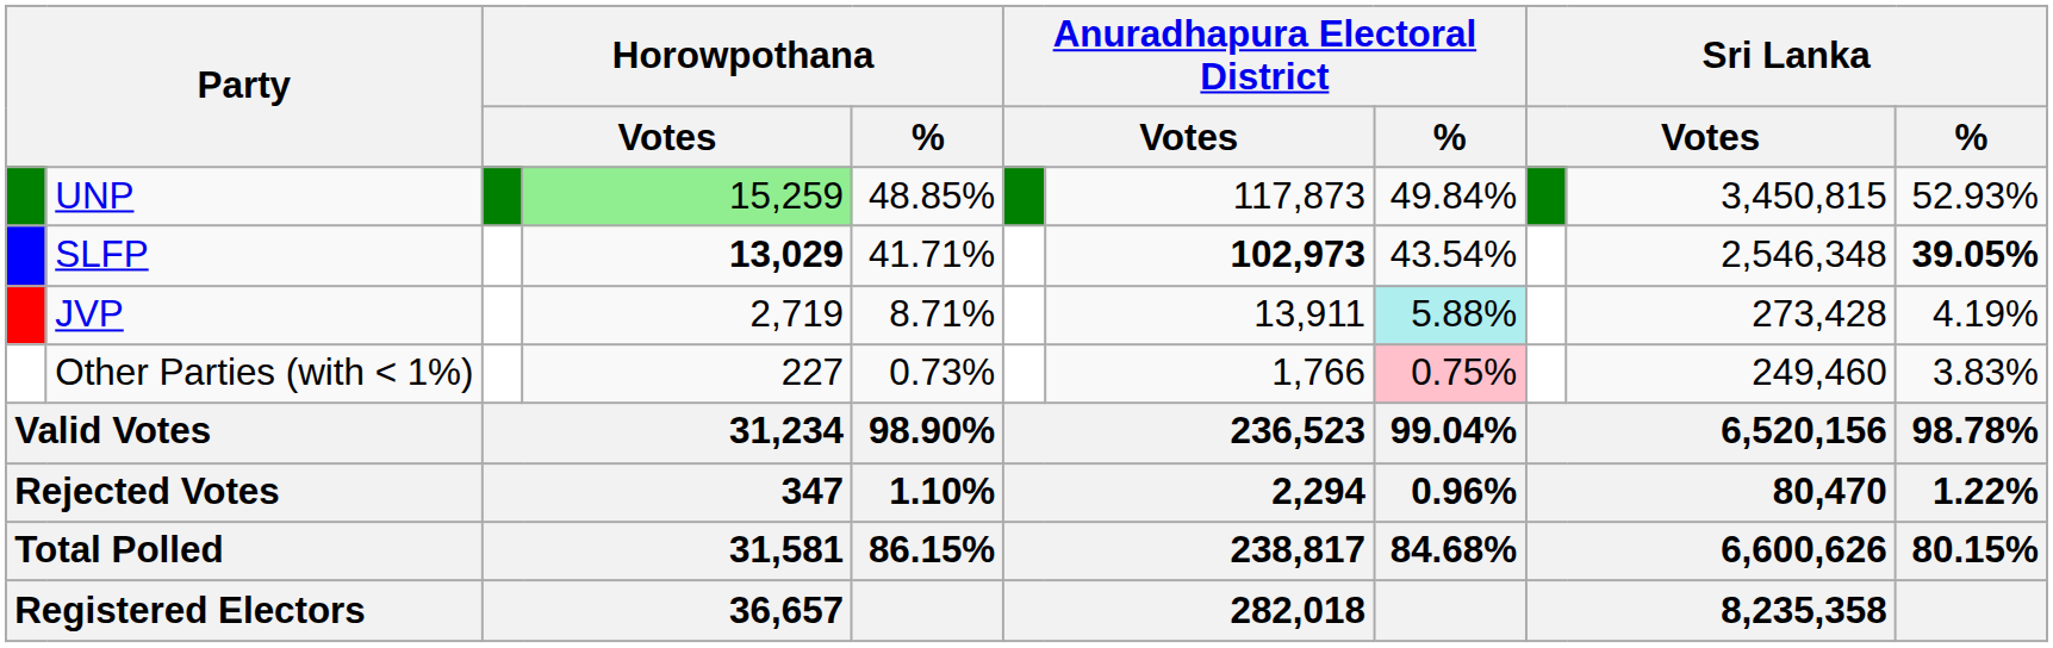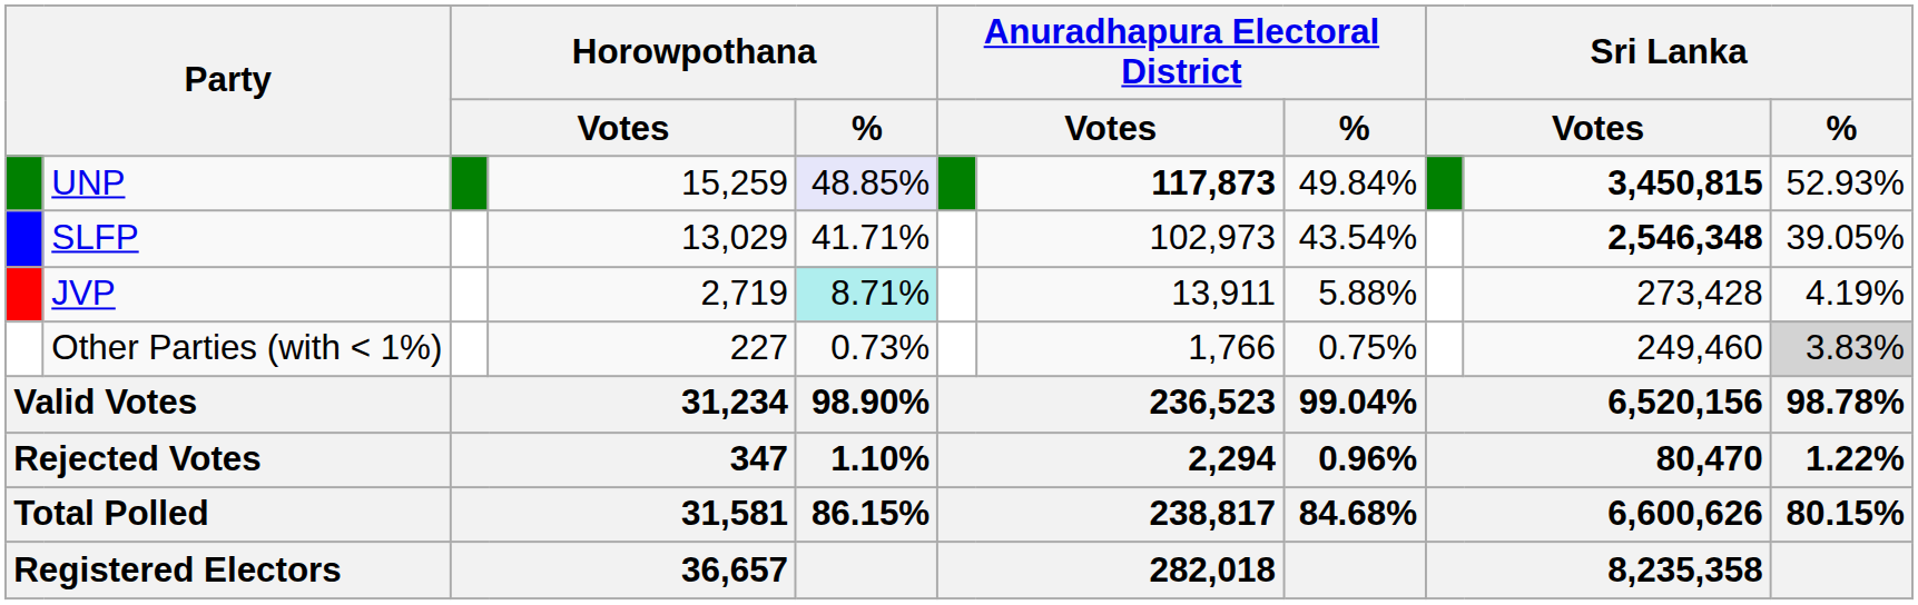 <table class="wikitable">
 <tr>
 <th colspan="2" width="144px"rowspan="2">Party</th>
 <th colspan="3" width="216px">Horowpothana</th>
 <th colspan="3" width="216px"><a href='#'>Anuradhapura Electoral District</a></th>
 <th colspan="3" width="216px">Sri Lanka</th>
 </tr>
 <tr>
 <th colspan="2" width="144px">Votes</th>
 <th>%</th>
 <th colspan="2" width="144px">Votes</th>
 <th>%</th>
 <th colspan="2" width="144px">Votes</th>
 <th>%</th>
 </tr>
 <tr>
 <td style="background-color:green;" width="10px"></td>
 <td style="text-align:left;"><a href='#'>UNP</a></td>
 <td style="background-color:green;" width="10px"></td>
-<td style="background: lightgreen; text-align:right;">15,259</td>
-<td style="text-align:right;">48.85%</td>
+<td style="text-align:right;">15,259</td>
+<td style="background: lavender; text-align:right;">48.85%</td>
 <td style="background-color:green;" width="10px"></td>
-<td style="text-align:right;">117,873</td>
+<td style="text-align:right;"><strong>117,873</strong></td>
 <td style="text-align:right;">49.84%</td>
 <td style="background-color:green;" width="10px"></td>
-<td style="text-align:right;">3,450,815</td>
+<td style="text-align:right;"><strong>3,450,815</strong></td>
 <td style="text-align:right;">52.93%</td>
 </tr>
 <tr>
 <td style="background-color:blue;" width="10px"></td>
 <td style="text-align:left;"><a href='#'>SLFP</a></td>
 <td style="background-color:white;" width="10px"></td>
-<td style="text-align:right;"><strong>13,029</strong></td>
+<td style="text-align:right;">13,029</td>
 <td style="text-align:right;">41.71%</td>
 <td style="background-color:white;" width="10px"></td>
-<td style="text-align:right;"><strong>102,973</strong></td>
+<td style="text-align:right;">102,973</td>
 <td style="text-align:right;">43.54%</td>
 <td style="background-color:white;" width="10px"></td>
-<td style="text-align:right;">2,546,348</td>
-<td style="text-align:right;"><strong>39.05%</strong></td>
+<td style="text-align:right;"><strong>2,546,348</strong></td>
+<td style="text-align:right;">39.05%</td>
 </tr>
 <tr>
 <td style="background-color:red;" width="10px"></td>
 <td style="text-align:left;"><a href='#'>JVP</a></td>
 <td style="background-color:white;" width="10px"></td>
 <td style="text-align:right;">2,719</td>
-<td style="text-align:right;">8.71%</td>
+<td style="background: paleturquoise; text-align:right;">8.71%</td>
 <td style="background-color:white;" width="10px"></td>
 <td style="text-align:right;">13,911</td>
-<td style="background: paleturquoise; text-align:right;">5.88%</td>
+<td style="text-align:right;">5.88%</td>
 <td style="background-color:white;" width="10px"></td>
 <td style="text-align:right;">273,428</td>
 <td style="text-align:right;">4.19%</td>
 </tr>
 <tr>
 <td style="background-color:white;" width="10px"></td>
 <td style="text-align:left;">Other Parties (with < 1%)</td>
 <td style="background-color:white;" width="10px"></td>
 <td style="text-align:right;">227</td>
 <td style="text-align:right;">0.73%</td>
 <td style="background-color:white;" width="10px"></td>
 <td style="text-align:right;">1,766</td>
-<td style="background: pink; text-align:right;">0.75%</td>
+<td style="text-align:right;">0.75%</td>
 <td style="background-color:white;" width="10px"></td>
 <td style="text-align:right;">249,460</td>
-<td style="text-align:right;">3.83%</td>
+<td style="background: lightgrey; text-align:right;">3.83%</td>
 </tr>
 <tr>
 <th colspan="2" width="144px"style="text-align:left;">Valid Votes</th>
 <th style="text-align:right;"colspan="2" width="144px">31,234</th>
 <th style="text-align:right;">98.90%</th>
 <th style="text-align:right;"colspan="2" width="144px">236,523</th>
 <th style="text-align:right;">99.04%</th>
 <th style="text-align:right;"colspan="2" width="144px">6,520,156</th>
 <th style="text-align:right;">98.78%</th>
 </tr>
 <tr>
 <th colspan="2" width="144px"style="text-align:left;">Rejected Votes</th>
 <th style="text-align:right;"colspan="2" width="144px">347</th>
 <th style="text-align:right;">1.10%</th>
 <th style="text-align:right;"colspan="2" width="144px">2,294</th>
 <th style="text-align:right;">0.96%</th>
 <th style="text-align:right;"colspan="2" width="144px">80,470</th>
 <th style="text-align:right;">1.22%</th>
 </tr>
 <tr>
 <th colspan="2" width="144px"style="text-align:left;">Total Polled</th>
 <th style="text-align:right;"colspan="2" width="144px">31,581</th>
 <th style="text-align:right;">86.15%</th>
 <th style="text-align:right;"colspan="2" width="144px">238,817</th>
 <th style="text-align:right;">84.68%</th>
 <th style="text-align:right;"colspan="2" width="144px">6,600,626</th>
 <th style="text-align:right;">80.15%</th>
 </tr>
 <tr>
 <th colspan="2" width="144px"style="text-align:left;">Registered Electors</th>
 <th style="text-align:right;"colspan="2" width="144px">36,657</th>
 <th></th>
 <th style="text-align:right;"colspan="2" width="144px">282,018</th>
 <th></th>
 <th style="text-align:right;"colspan="2" width="144px">8,235,358</th>
 <th></th>
 </tr>
 </table>
